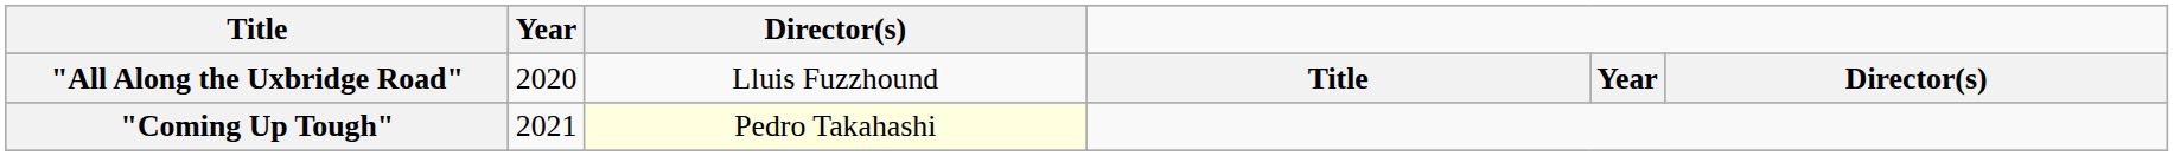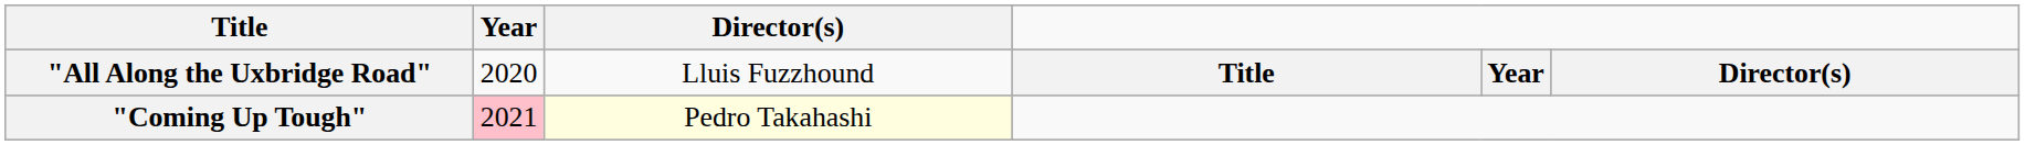 <table class="wikitable plainrowheaders" style="text-align:center;">
 <tr>
 <th scope="col" style="width:16em;">Title</th>
 <th scope="col" style="width:1em;">Year</th>
 <th scope="col" style="width:16em;">Director(s)</th>
 </tr>
 <tr>
 <th scope="row">"All Along the Uxbridge Road"</th>
 <td>2020</td>
 <td>Lluis Fuzzhound</td>
 <th scope="col" style="width:16em;">Title</th>
 <th scope="col" style="width:1em;">Year</th>
 <th scope="col" style="width:16em;">Director(s)</th>
 </tr>
 <tr>
 <th scope="row">"Coming Up Tough"</th>
-<td>2021</td>
+<td style="background: pink;">2021</td>
 <td style="background: lightyellow;">Pedro Takahashi</td>
 </tr>
 </table>
